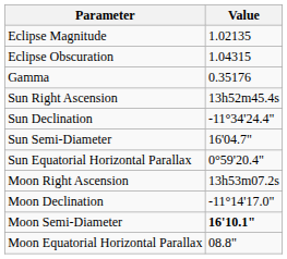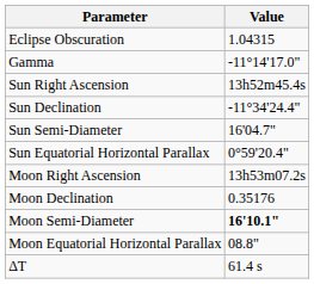 <table class="wikitable">
 <tr>
 <th>Parameter</th>
 <th>Value</th>
-</tr>
-<tr>
-<td>Eclipse Magnitude</td>
-<td>1.02135</td>
 </tr>
 <tr>
 <td>Eclipse Obscuration</td>
 <td>1.04315</td>
 </tr>
 <tr>
 <td>Gamma</td>
-<td>0.35176</td>
+<td>-11°14'17.0"</td>
 </tr>
 <tr>
 <td>Sun Right Ascension</td>
 <td>13h52m45.4s</td>
 </tr>
 <tr>
 <td>Sun Declination</td>
 <td>-11°34'24.4"</td>
 </tr>
 <tr>
 <td>Sun Semi-Diameter</td>
 <td>16'04.7"</td>
 </tr>
 <tr>
 <td>Sun Equatorial Horizontal Parallax</td>
 <td>0°59'20.4"</td>
 </tr>
 <tr>
 <td>Moon Right Ascension</td>
 <td>13h53m07.2s</td>
 </tr>
 <tr>
 <td>Moon Declination</td>
-<td>-11°14'17.0"</td>
+<td>0.35176</td>
 </tr>
 <tr>
 <td>Moon Semi-Diameter</td>
 <td><strong>16'10.1"</strong></td>
 </tr>
 <tr>
 <td>Moon Equatorial Horizontal Parallax</td>
 <td>08.8"</td>
 </tr>
+<tr>
+<td>ΔT</td>
+<td>61.4 s</td>
+</tr>
 </table>
